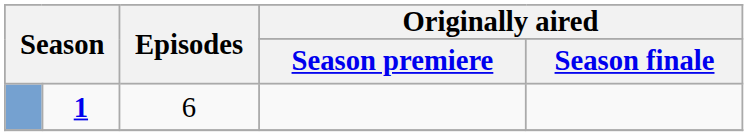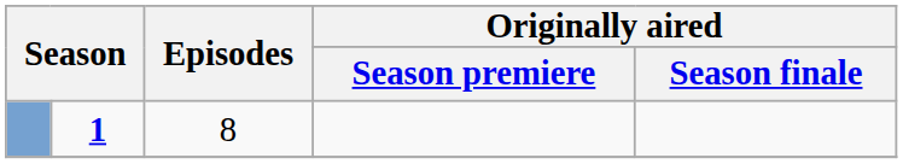 <table class="wikitable plainrowheaders"  style="text-align:center;">
 <tr>
 <th scope="col" style="padding:0 8px;" colspan="2" rowspan="2">Season</th>
 <th scope="col" style="padding:0 8px;" rowspan="2">Episodes</th>
 <th scope="col" style="padding:0 80px;" colspan="2">Originally aired</th>
 </tr>
 <tr>
 <th scope="col"><a href='#'>Season premiere</a></th>
 <th scope="col"><a href='#'>Season finale</a></th>
 </tr>
 <tr>
 <td scope="row" style="background:#75A1D0; color:black"></td>
 <td><strong><a href='#'>1</a></strong></td>
-<td>6</td>
+<td>8</td>
 <td></td>
 <td></td>
 </tr>
 <tr>
 </tr>
 </table>
